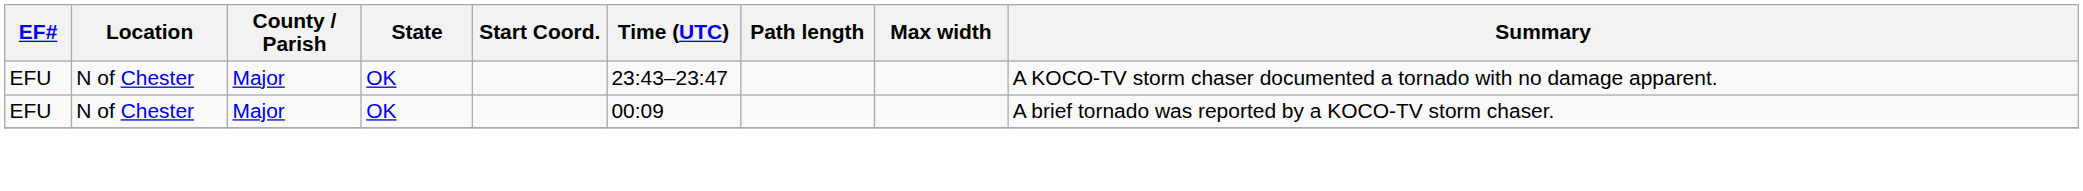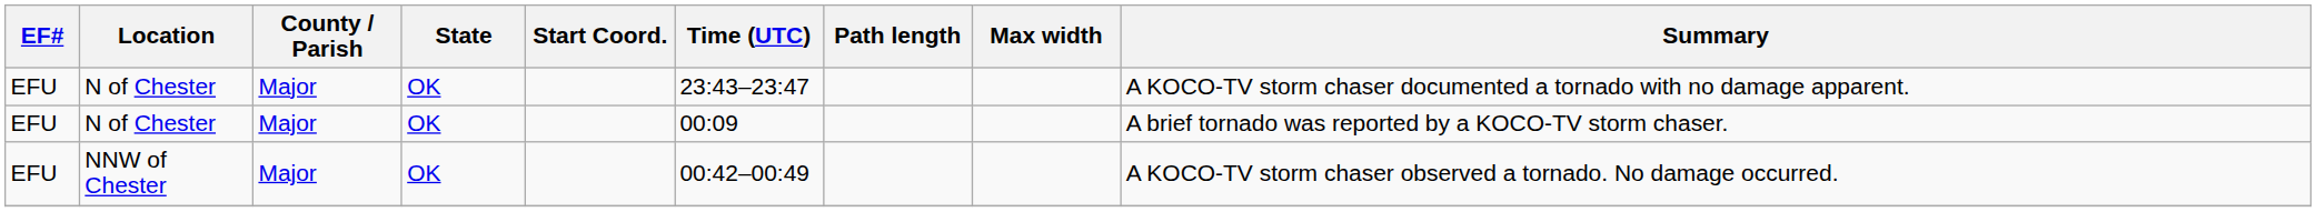 <table class="wikitable sortable" style="width:100%;">
 <tr>
 <th scope="col"  style="width:3%; text-align:center;"><a href='#'>EF#</a></th>
 <th scope="col"  style="width:7%; text-align:center;" class="unsortable">Location</th>
 <th scope="col"  style="width:6%; text-align:center;" class="sortable">County / Parish</th>
 <th scope="col"  style="width:5%; text-align:center;">State</th>
 <th scope="col"  style="width:6%; text-align:center;">Start Coord.</th>
 <th scope="col"  style="width:6%; text-align:center;">Time (<a href='#'>UTC</a>)</th>
 <th scope="col"  style="width:6%; text-align:center;">Path length</th>
 <th scope="col"  style="width:6%; text-align:center;">Max width</th>
 <th scope="col" class="unsortable" style="width:48%; text-align:center;">Summary</th>
 </tr>
 <tr>
 <td>EFU</td>
 <td>N of <a href='#'>Chester</a></td>
 <td><a href='#'>Major</a></td>
 <td><a href='#'>OK</a></td>
 <td></td>
 <td>23:43–23:47</td>
 <td></td>
 <td></td>
 <td>A KOCO-TV storm chaser documented a tornado with no damage apparent.</td>
 </tr>
 <tr>
 <td>EFU</td>
 <td>N of <a href='#'>Chester</a></td>
 <td><a href='#'>Major</a></td>
 <td><a href='#'>OK</a></td>
 <td></td>
 <td>00:09</td>
 <td></td>
 <td></td>
 <td>A brief tornado was reported by a KOCO-TV storm chaser.</td>
 </tr>
 <tr>
+<td>EFU</td>
+<td>NNW of <a href='#'>Chester</a></td>
+<td><a href='#'>Major</a></td>
+<td><a href='#'>OK</a></td>
+<td></td>
+<td>00:42–00:49</td>
+<td></td>
+<td></td>
+<td>A KOCO-TV storm chaser observed a tornado. No damage occurred.</td>
+</tr>
+<tr>
 </tr>
 </table>
